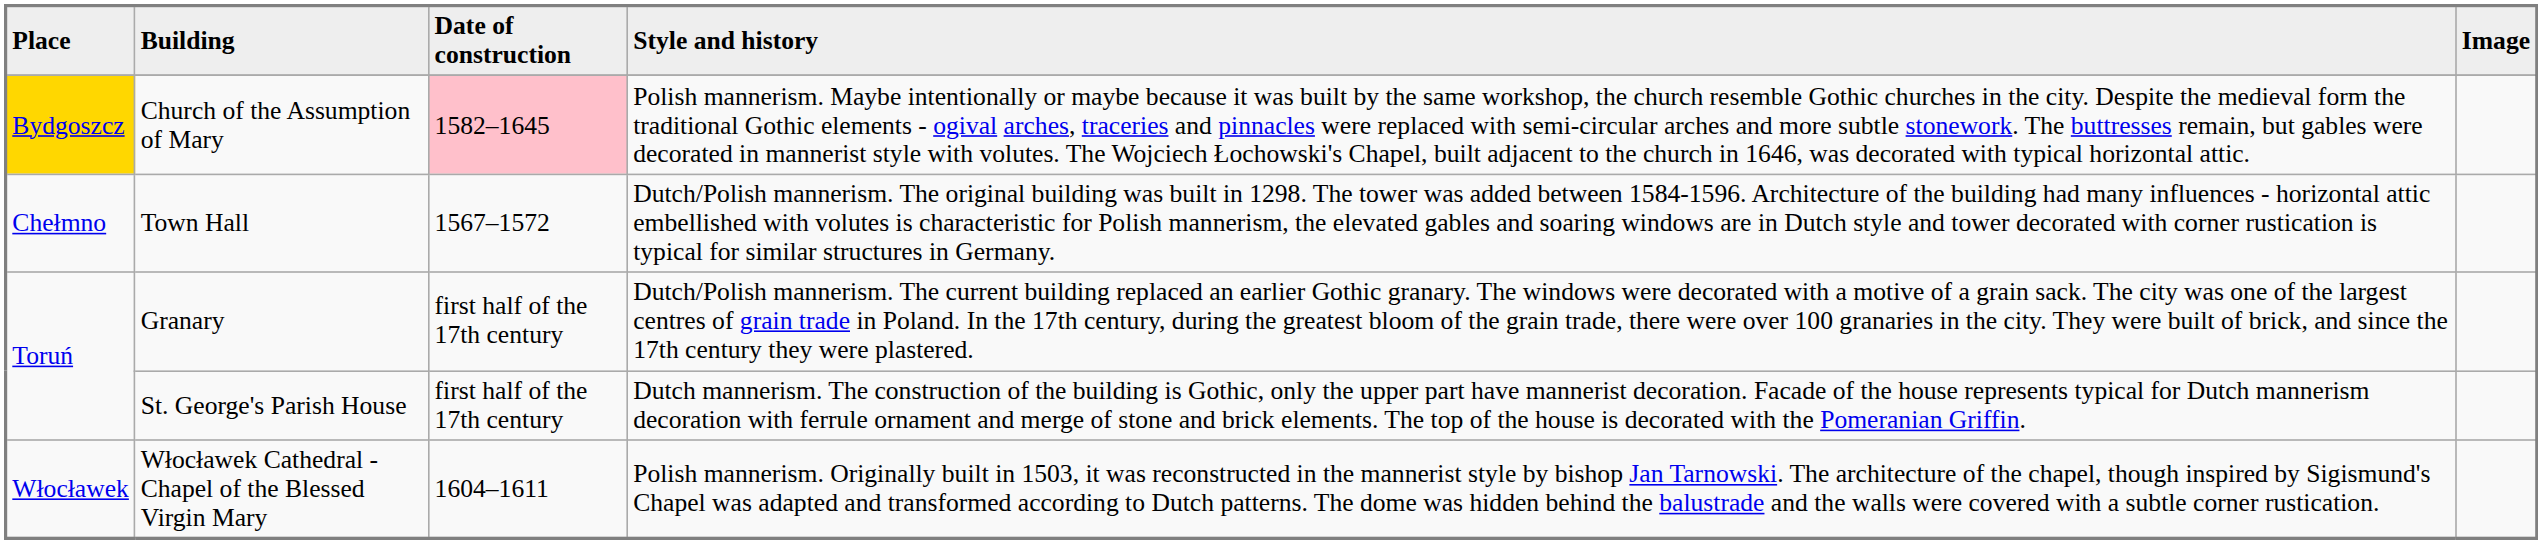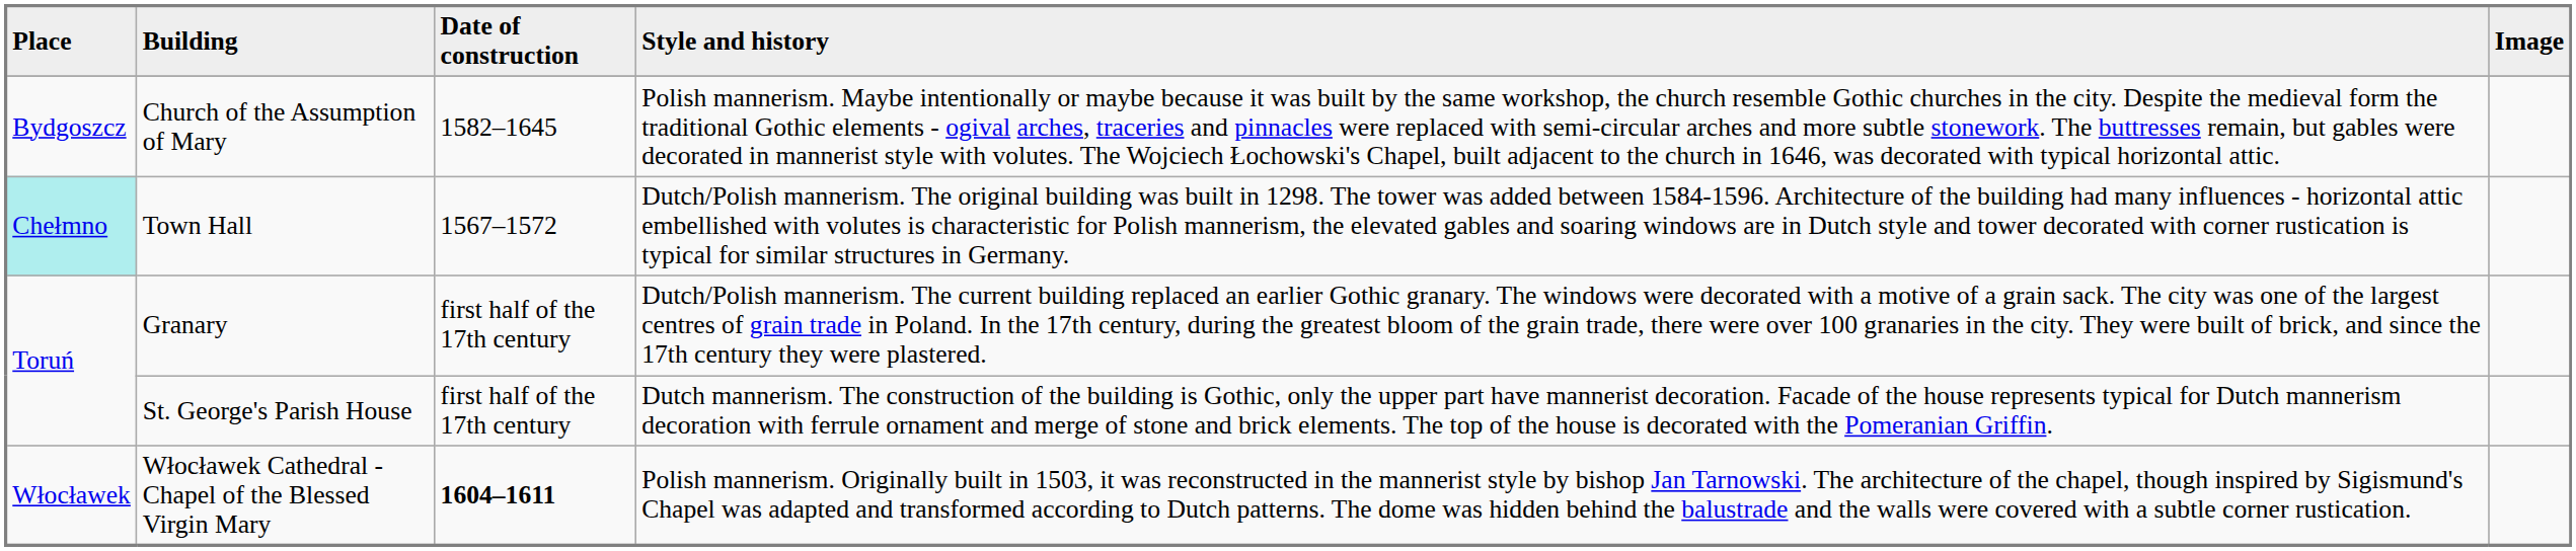 <table class="wikitable" style="border: 2px solid gray; border-collapse: collapse;" width="100%">
 <tr>
 <td bgcolor="#EEEEEE"><strong>Place</strong></td>
 <td bgcolor="#EEEEEE"><strong>Building</strong></td>
 <td bgcolor="#EEEEEE"><strong>Date of construction</strong></td>
 <td bgcolor="#EEEEEE"><strong>Style and history</strong></td>
 <td bgcolor="#EEEEEE"><strong>Image</strong></td>
 </tr>
 <tr>
 </tr>
 <tr>
-<td style="background: gold;"><a href='#'>Bydgoszcz</a></td>
+<td><a href='#'>Bydgoszcz</a></td>
 <td>Church of the Assumption of Mary</td>
-<td style="background: pink;">1582–1645</td>
+<td>1582–1645</td>
 <td>Polish mannerism. Maybe intentionally or maybe because it was built by the same workshop, the church resemble Gothic churches in the city. Despite the medieval form the traditional Gothic elements - <a href='#'>ogival</a> <a href='#'>arches</a>, <a href='#'>traceries</a> and <a href='#'>pinnacles</a> were replaced with semi-circular arches and more subtle <a href='#'>stonework</a>. The <a href='#'>buttresses</a> remain, but gables were decorated in mannerist style with volutes. The Wojciech Łochowski's Chapel, built adjacent to the church in 1646, was decorated with typical horizontal attic.</td>
 <td></td>
 </tr>
 <tr>
-<td><a href='#'>Chełmno</a></td>
+<td style="background: paleturquoise;"><a href='#'>Chełmno</a></td>
 <td>Town Hall</td>
 <td>1567–1572</td>
 <td>Dutch/Polish mannerism. The original building was built in 1298. The tower was added between 1584-1596. Architecture of the building had many influences - horizontal attic embellished with volutes is characteristic for Polish mannerism, the elevated gables and soaring windows are in Dutch style and tower decorated with corner rustication is typical for similar structures in Germany.</td>
 <td></td>
 </tr>
 <tr>
 <td rowspan=2><a href='#'>Toruń</a></td>
 <td>Granary</td>
 <td>first half of the 17th century</td>
 <td>Dutch/Polish mannerism. The current building replaced an earlier Gothic granary. The windows were decorated with a motive of a grain sack. The city was one of the largest centres of <a href='#'>grain trade</a> in Poland. In the 17th century, during the greatest bloom of the grain trade, there were over 100 granaries in the city. They were built of brick, and since the 17th century they were plastered.</td>
 <td></td>
 </tr>
 <tr>
 <td>St. George's Parish House</td>
 <td>first half of the 17th century</td>
 <td>Dutch mannerism. The construction of the building is Gothic, only the upper part have mannerist decoration. Facade of the house represents typical for Dutch mannerism decoration with ferrule ornament and merge of stone and brick elements. The top of the house is decorated with the <a href='#'>Pomeranian Griffin</a>.</td>
 <td></td>
 </tr>
 <tr>
 <td><a href='#'>Włocławek</a></td>
 <td>Włocławek Cathedral - Chapel of the Blessed Virgin Mary</td>
-<td>1604–1611</td>
+<td><strong>1604–1611</strong></td>
 <td>Polish mannerism. Originally built in 1503, it was reconstructed in the mannerist style by bishop <a href='#'>Jan Tarnowski</a>. The architecture of the chapel, though inspired by Sigismund's Chapel was adapted and transformed according to Dutch patterns. The dome was hidden behind the <a href='#'>balustrade</a> and the walls were covered with a subtle corner rustication.</td>
 <td></td>
 </tr>
 <tr>
 </tr>
 </table>
